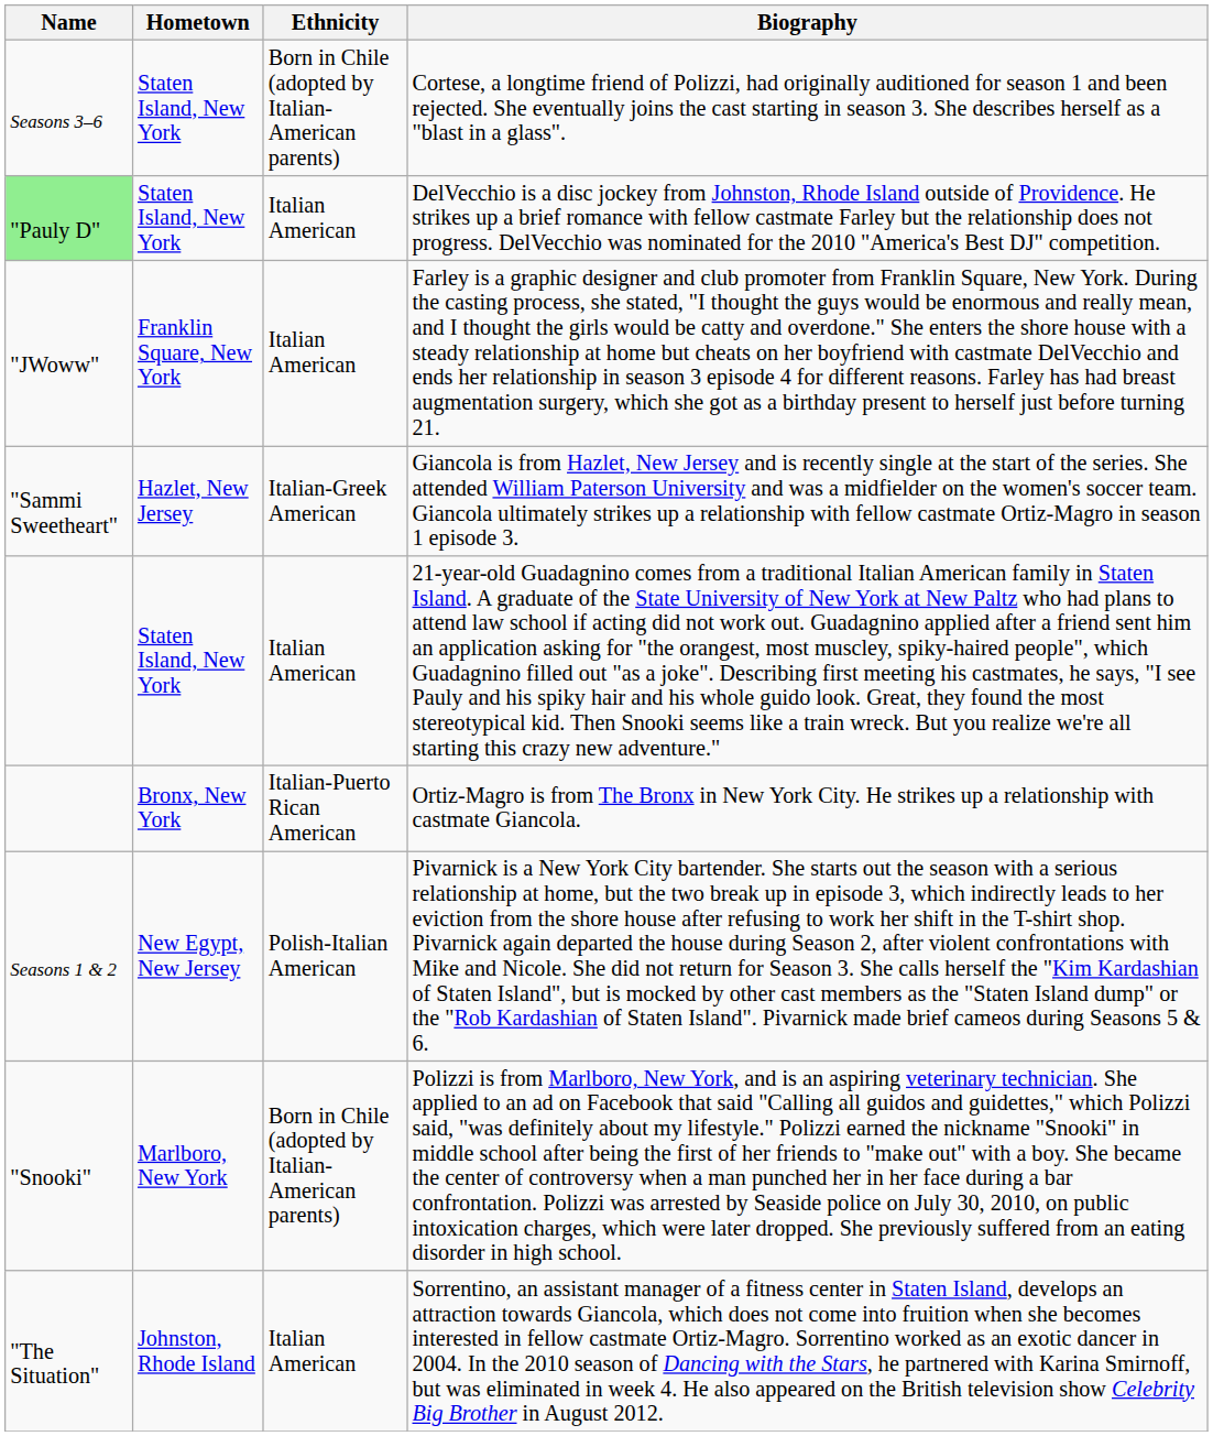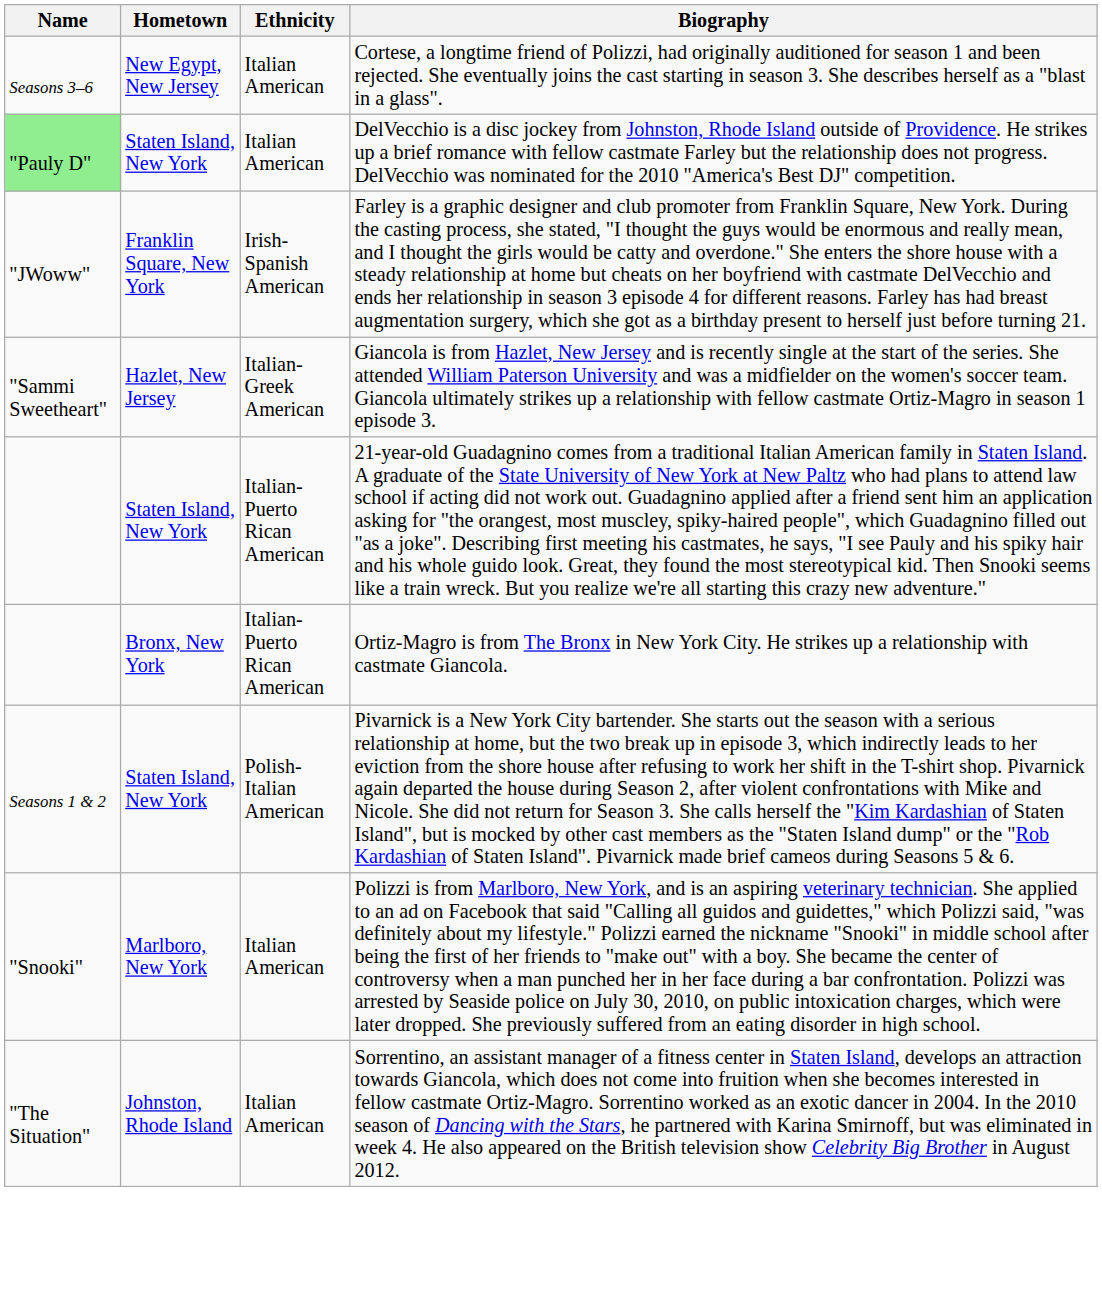 <table class="wikitable">
 <tr>
 <th>Name</th>
 <th>Hometown</th>
 <th>Ethnicity</th>
 <th>Biography</th>
 </tr>
 <tr>
 <td><strong></strong><br><small><em>Seasons 3–6</em></small></td>
-<td><a href='#'>Staten Island, New York</a></td>
-<td>Born in Chile (adopted by Italian-American parents)</td>
+<td><a href='#'>New Egypt, New Jersey</a></td>
+<td>Italian American</td>
 <td>Cortese, a longtime friend of Polizzi, had originally auditioned for season 1 and been rejected. She eventually joins the cast starting in season 3. She describes herself as a "blast in a glass".</td>
 </tr>
 <tr>
 <td style="background: lightgreen;"><strong></strong><br>"Pauly D"</td>
 <td><a href='#'>Staten Island, New York</a></td>
 <td>Italian American</td>
 <td>DelVecchio is a disc jockey from <a href='#'>Johnston, Rhode Island</a> outside of <a href='#'>Providence</a>. He strikes up a brief romance with fellow castmate Farley but the relationship does not progress. DelVecchio was nominated for the 2010 "America's Best DJ" competition.</td>
 </tr>
 <tr>
 <td><strong></strong><br>"JWoww"</td>
 <td><a href='#'>Franklin Square, New York</a></td>
-<td>Italian American</td>
+<td>Irish-Spanish American</td>
 <td>Farley is a graphic designer and club promoter from Franklin Square, New York. During the casting process, she stated, "I thought the guys would be enormous and really mean, and I thought the girls would be catty and overdone." She enters the shore house with a steady relationship at home but cheats on her boyfriend with castmate DelVecchio and ends her relationship in season 3 episode 4 for different reasons. Farley has had breast augmentation surgery, which she got as a birthday present to herself just before turning 21.</td>
 </tr>
 <tr>
 <td><strong></strong><br>"Sammi Sweetheart"<br></td>
 <td><a href='#'>Hazlet, New Jersey</a></td>
 <td>Italian-Greek American</td>
 <td>Giancola is from <a href='#'>Hazlet, New Jersey</a> and is recently single at the start of the series. She attended <a href='#'>William Paterson University</a> and was a midfielder on the women's soccer team. Giancola ultimately strikes up a relationship with fellow castmate Ortiz-Magro in season 1 episode 3.</td>
 </tr>
 <tr>
 <td><strong></strong></td>
 <td><a href='#'>Staten Island, New York</a></td>
-<td>Italian American</td>
+<td>Italian-Puerto Rican American</td>
 <td>21-year-old Guadagnino comes from a traditional Italian American family in <a href='#'>Staten Island</a>. A graduate of the <a href='#'>State University of New York at New Paltz</a> who had plans to attend law school if acting did not work out. Guadagnino applied after a friend sent him an application asking for "the orangest, most muscley, spiky-haired people", which Guadagnino filled out "as a joke". Describing first meeting his castmates, he says, "I see Pauly and his spiky hair and his whole guido look. Great, they found the most stereotypical kid. Then Snooki seems like a train wreck. But you realize we're all starting this crazy new adventure."</td>
 </tr>
 <tr>
 <td><strong></strong></td>
 <td><a href='#'>Bronx, New York</a></td>
 <td>Italian-Puerto Rican American</td>
 <td>Ortiz-Magro is from <a href='#'>The Bronx</a> in New York City. He strikes up a relationship with castmate Giancola.</td>
 </tr>
 <tr>
 <td><strong></strong><br><small><em>Seasons 1 & 2</em></small></td>
-<td><a href='#'>New Egypt, New Jersey</a></td>
+<td><a href='#'>Staten Island, New York</a></td>
 <td>Polish-Italian American</td>
 <td>Pivarnick is a New York City bartender. She starts out the season with a serious relationship at home, but the two break up in episode 3, which indirectly leads to her eviction from the shore house after refusing to work her shift in the T-shirt shop. Pivarnick again departed the house during Season 2, after violent confrontations with Mike and Nicole. She did not return for Season 3. She calls herself the "<a href='#'>Kim Kardashian</a> of Staten Island", but is mocked by other cast members as the "Staten Island dump" or the "<a href='#'>Rob Kardashian</a> of Staten Island". Pivarnick made brief cameos during Seasons 5 & 6.</td>
 </tr>
 <tr>
 <td><strong></strong><br>"Snooki"<br></td>
 <td><a href='#'>Marlboro, New York</a></td>
-<td>Born in Chile (adopted by Italian-American parents)</td>
+<td>Italian American</td>
 <td>Polizzi is from <a href='#'>Marlboro, New York</a>, and is an aspiring <a href='#'>veterinary technician</a>. She applied to an ad on Facebook that said "Calling all guidos and guidettes," which Polizzi said, "was definitely about my lifestyle." Polizzi earned the nickname "Snooki" in middle school after being the first of her friends to "make out" with a boy. She became the center of controversy when a man punched her in her face during a bar confrontation. Polizzi was arrested by Seaside police on July 30, 2010, on public intoxication charges, which were later dropped. She previously suffered from an eating disorder in high school.</td>
 </tr>
 <tr>
 <td><strong></strong><br>"The Situation"</td>
 <td><a href='#'>Johnston, Rhode Island</a></td>
 <td>Italian American</td>
 <td>Sorrentino, an assistant manager of a fitness center in <a href='#'>Staten Island</a>, develops an attraction towards Giancola, which does not come into fruition when she becomes interested in fellow castmate Ortiz-Magro. Sorrentino worked as an exotic dancer in 2004. In the 2010 season of <em><a href='#'>Dancing with the Stars</a></em>, he partnered with Karina Smirnoff, but was eliminated in week 4. He also appeared on the British television show <em><a href='#'>Celebrity Big Brother</a></em> in August 2012.</td>
 </tr>
 </table>
